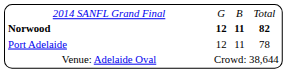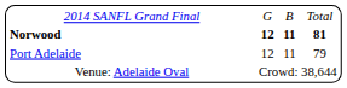 <table style="margin-right:4px; margin-top:8px; float:left; border:1px #000 solid; border-radius:8px; background:#fff; font-family:Verdana; font-size:8pt; text-align:center;">
 <tr>
 <td width=200><em><a href='#'>2014 SANFL Grand Final</a></em></td>
 <td><em>G</em></td>
 <td><em>B</em></td>
 <td><em>Total</em></td>
 </tr>
 <tr>
 <td style="text-align:left"><strong>Norwood</strong></td>
 <td><strong>12</strong></td>
 <td><strong>11</strong></td>
-<td><strong>82</strong></td>
+<td><strong>81</strong></td>
 </tr>
 <tr>
 <td style="text-align:left"><a href='#'>Port Adelaide</a></td>
 <td>12</td>
 <td>11</td>
-<td>78</td>
+<td>79</td>
 </tr>
 <tr>
 <td>Venue: <a href='#'>Adelaide Oval</a></td>
 <td colspan=3>Crowd: 38,644</td>
 </tr>
 </table>
